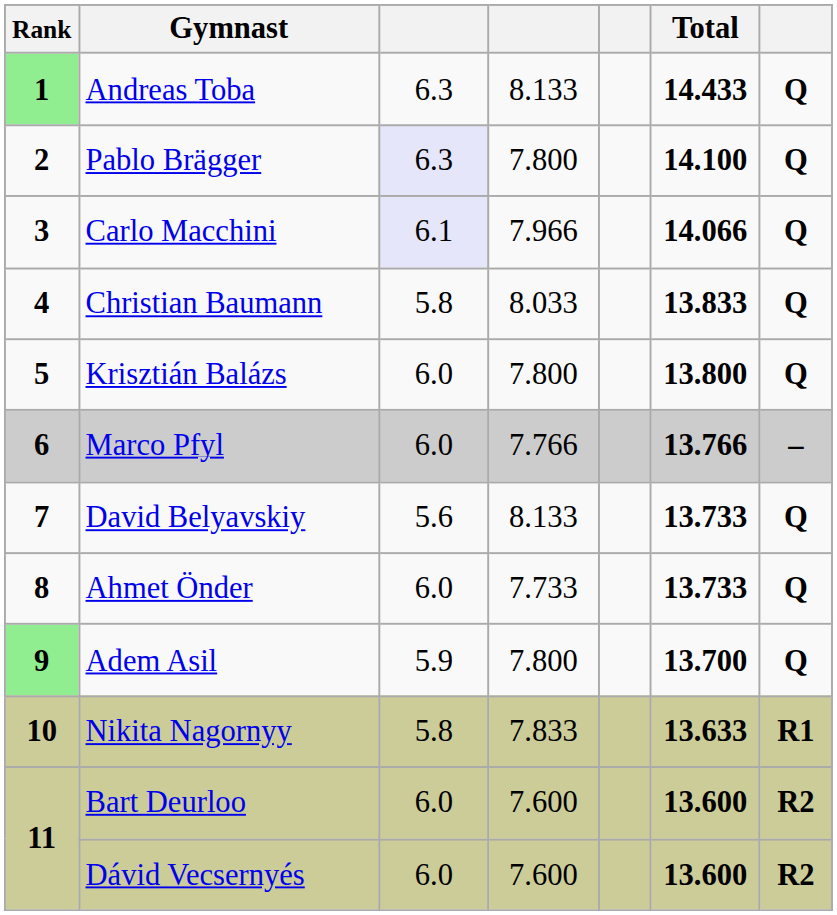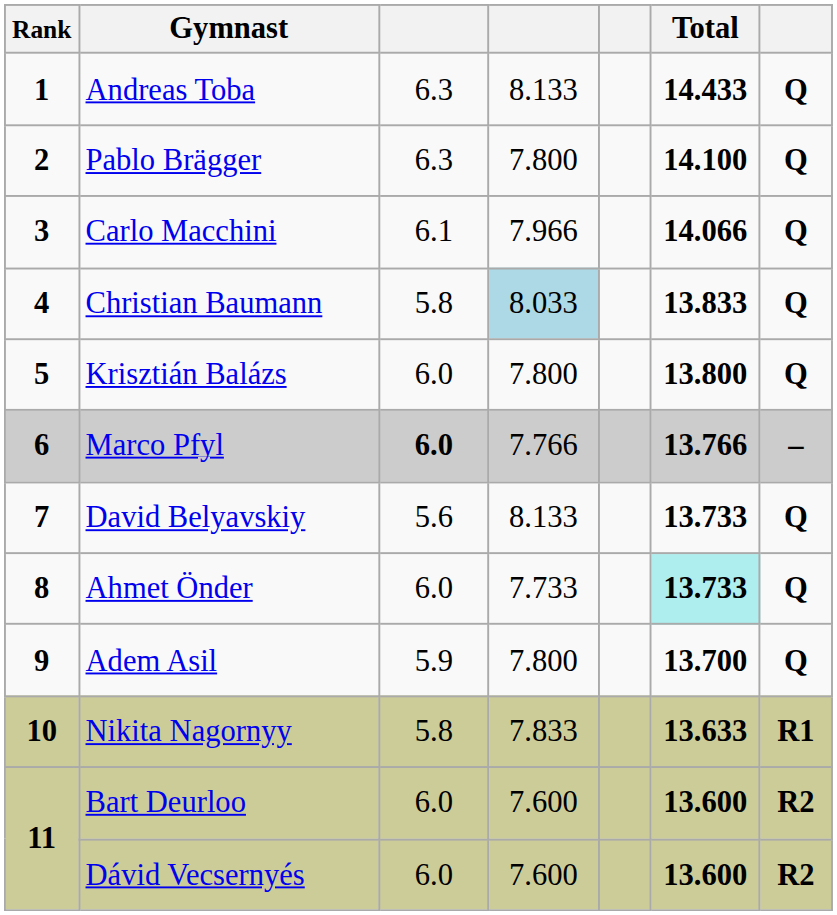 <table style="text-align:center;" class="wikitable sortable">
 <tr>
 <th scope="col" style="width:15px;"><small>Rank</small></th>
 <th scope="col" style="width:150px;">Gymnast</th>
 <th scope="col" style="width:50px;"><small></small></th>
 <th scope="col" style="width:50px;"><small></small></th>
 <th scope="col" style="width:20px;"><small></small></th>
 <th scope="col" style="width:50px;">Total</th>
 <th scope="col" style="width:30px;"><small></small></th>
 </tr>
 <tr>
-<td scope="row" style="background: lightgreen; text-align:center"><strong>1</strong></td>
+<td scope="row" style="text-align:center"><strong>1</strong></td>
 <td style="height:30px; text-align:left;"> <a href='#'>Andreas Toba</a></td>
 <td>6.3</td>
 <td>8.133</td>
 <td></td>
 <td><strong>14.433</strong></td>
 <td><strong>Q</strong></td>
 </tr>
 <tr>
 <td scope="row" style="text-align:center"><strong>2</strong></td>
 <td style="height:30px; text-align:left;"> <a href='#'>Pablo Brägger</a></td>
-<td style="background: lavender;">6.3</td>
+<td>6.3</td>
 <td>7.800</td>
 <td></td>
 <td><strong>14.100</strong></td>
 <td><strong>Q</strong></td>
 </tr>
 <tr>
 <td scope="row" style="text-align:center"><strong>3</strong></td>
 <td style="height:30px; text-align:left;"> <a href='#'>Carlo Macchini</a></td>
-<td style="background: lavender;">6.1</td>
+<td>6.1</td>
 <td>7.966</td>
 <td></td>
 <td><strong>14.066</strong></td>
 <td><strong>Q</strong></td>
 </tr>
 <tr>
 <td scope="row" style="text-align:center"><strong>4</strong></td>
 <td style="height:30px; text-align:left;"> <a href='#'>Christian Baumann</a></td>
 <td>5.8</td>
-<td>8.033</td>
+<td style="background: lightblue;">8.033</td>
 <td></td>
 <td><strong>13.833</strong></td>
 <td><strong>Q</strong></td>
 </tr>
 <tr>
 <td scope="row" style="text-align:center"><strong>5</strong></td>
 <td style="height:30px; text-align:left;"> <a href='#'>Krisztián Balázs</a></td>
 <td>6.0</td>
 <td>7.800</td>
 <td></td>
 <td><strong>13.800</strong></td>
 <td><strong>Q</strong></td>
 </tr>
 <tr style="background:#cccccc;">
 <td scope="row" style="text-align:center"><strong>6</strong></td>
 <td style="height:30px; text-align:left;"> <a href='#'>Marco Pfyl</a></td>
-<td>6.0</td>
+<td><strong>6.0</strong></td>
 <td>7.766</td>
 <td></td>
 <td><strong>13.766</strong></td>
 <td><strong>–</strong></td>
 </tr>
 <tr>
 <td scope="row" style="text-align:center"><strong>7</strong></td>
 <td style="height:30px; text-align:left;"> <a href='#'>David Belyavskiy</a></td>
 <td>5.6</td>
 <td>8.133</td>
 <td></td>
 <td><strong>13.733</strong></td>
 <td><strong>Q</strong></td>
 </tr>
 <tr>
 <td scope="row" style="text-align:center"><strong>8</strong></td>
 <td style="height:30px; text-align:left;"> <a href='#'>Ahmet Önder</a></td>
 <td>6.0</td>
 <td>7.733</td>
 <td></td>
-<td><strong>13.733</strong></td>
+<td style="background: paleturquoise;"><strong>13.733</strong></td>
 <td><strong>Q</strong></td>
 </tr>
 <tr>
-<td scope="row" style="background: lightgreen; text-align:center"><strong>9</strong></td>
+<td scope="row" style="text-align:center"><strong>9</strong></td>
 <td style="height:30px; text-align:left;"> <a href='#'>Adem Asil</a></td>
 <td>5.9</td>
 <td>7.800</td>
 <td></td>
 <td><strong>13.700</strong></td>
 <td><strong>Q</strong></td>
 </tr>
 <tr style="background:#cccc99;">
 <td scope="row" style="text-align:center"><strong>10</strong></td>
 <td style="height:30px; text-align:left;"> <a href='#'>Nikita Nagornyy</a></td>
 <td>5.8</td>
 <td>7.833</td>
 <td></td>
 <td><strong>13.633</strong></td>
 <td><strong>R1</strong></td>
 </tr>
 <tr style="background:#cccc99;">
 <td rowspan=2 scope="row" style="text-align:center"><strong>11</strong></td>
 <td style="height:30px; text-align:left;"> <a href='#'>Bart Deurloo</a></td>
 <td>6.0</td>
 <td>7.600</td>
 <td></td>
 <td><strong>13.600</strong></td>
 <td><strong>R2</strong></td>
 </tr>
 <tr style="background:#cccc99;">
 <td style="height:30px; text-align:left;"> <a href='#'>Dávid Vecsernyés</a></td>
 <td>6.0</td>
 <td>7.600</td>
 <td></td>
 <td><strong>13.600</strong></td>
 <td><strong>R2</strong></td>
 </tr>
 </table>
